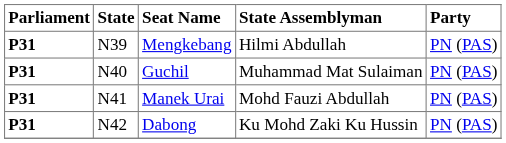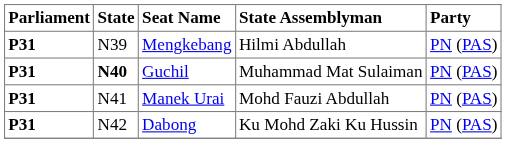 <table class="toccolours sortable" border="1" cellpadding="3" style="border-collapse:collapse; text-align: left;">
 <tr>
 <th align="center">Parliament</th>
 <th>State</th>
 <th>Seat Name</th>
 <th>State Assemblyman</th>
 <th>Party</th>
 </tr>
 <tr>
 <th align="left">P31</th>
 <td>N39</td>
 <td><a href='#'>Mengkebang</a></td>
 <td>Hilmi Abdullah</td>
 <td><a href='#'>PN</a> (<a href='#'>PAS</a>)</td>
 </tr>
 <tr>
 <th align="left">P31</th>
-<td>N40</td>
+<td><strong>N40</strong></td>
 <td><a href='#'>Guchil</a></td>
 <td>Muhammad Mat Sulaiman</td>
 <td><a href='#'>PN</a> (<a href='#'>PAS</a>)</td>
 </tr>
 <tr>
 <th align="left">P31</th>
 <td>N41</td>
 <td><a href='#'>Manek Urai</a></td>
 <td>Mohd Fauzi Abdullah</td>
 <td><a href='#'>PN</a> (<a href='#'>PAS</a>)</td>
 </tr>
 <tr>
 <th align="left">P31</th>
 <td>N42</td>
 <td><a href='#'>Dabong</a></td>
 <td>Ku Mohd Zaki Ku Hussin</td>
 <td><a href='#'>PN</a> (<a href='#'>PAS</a>)</td>
 </tr>
 <tr>
 </tr>
 </table>
